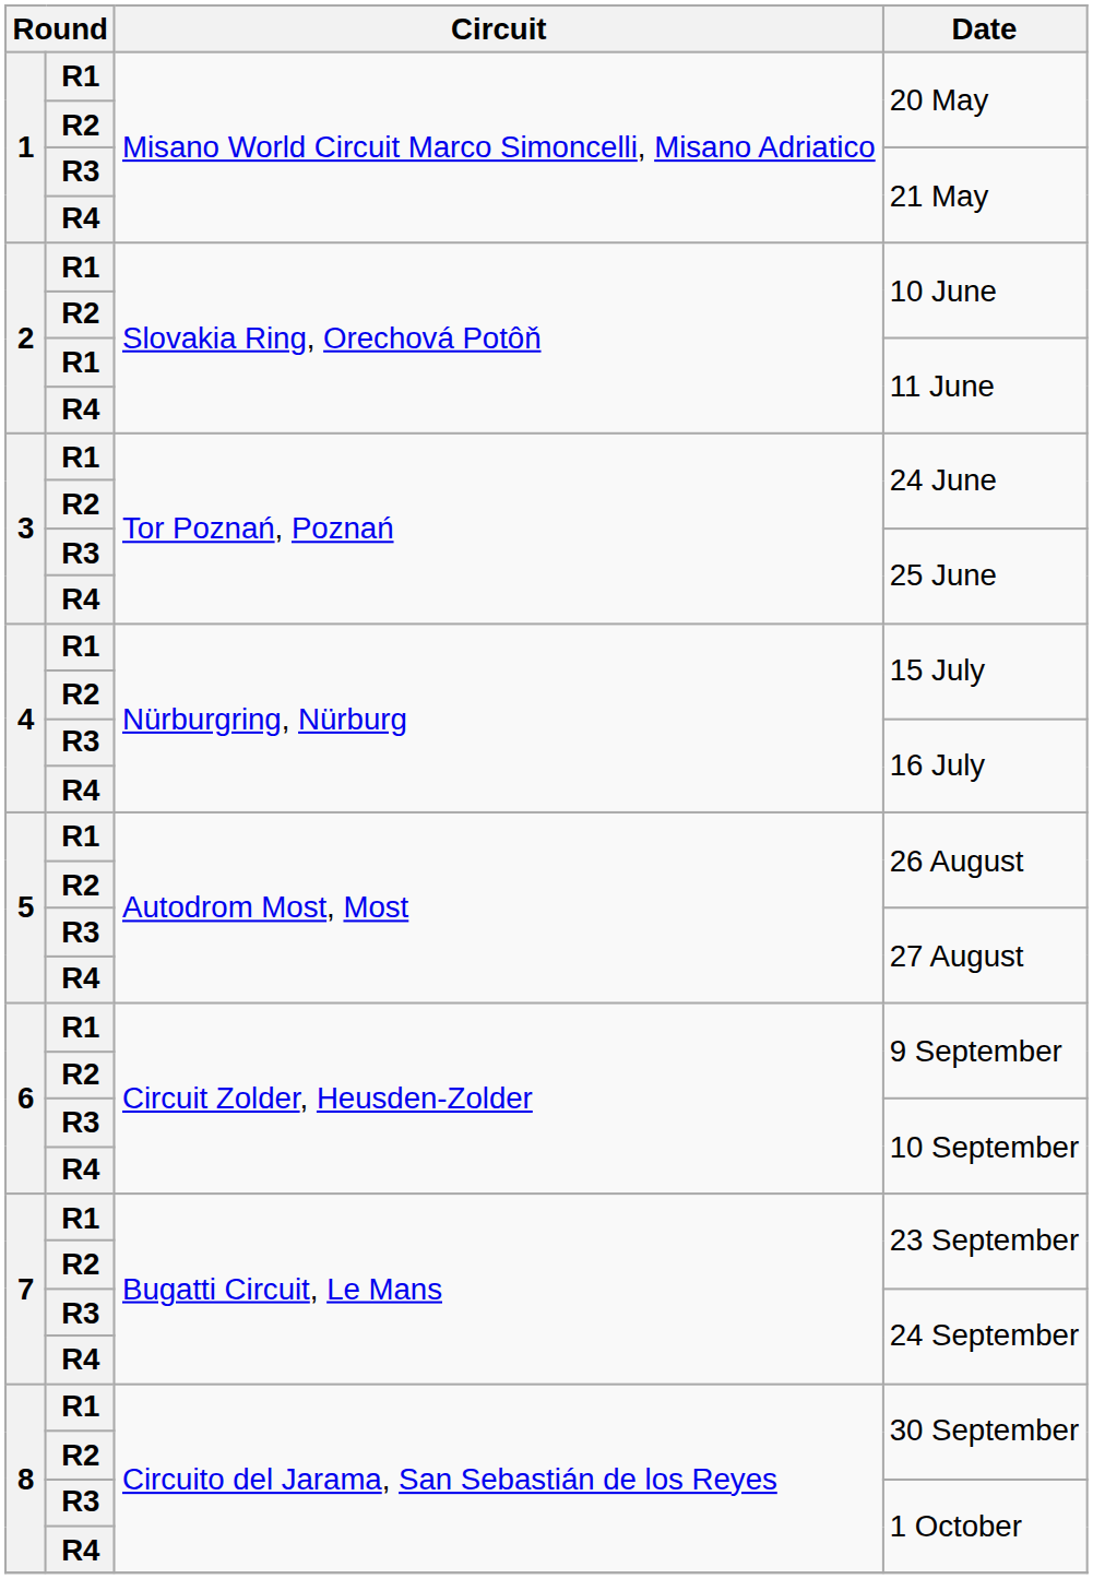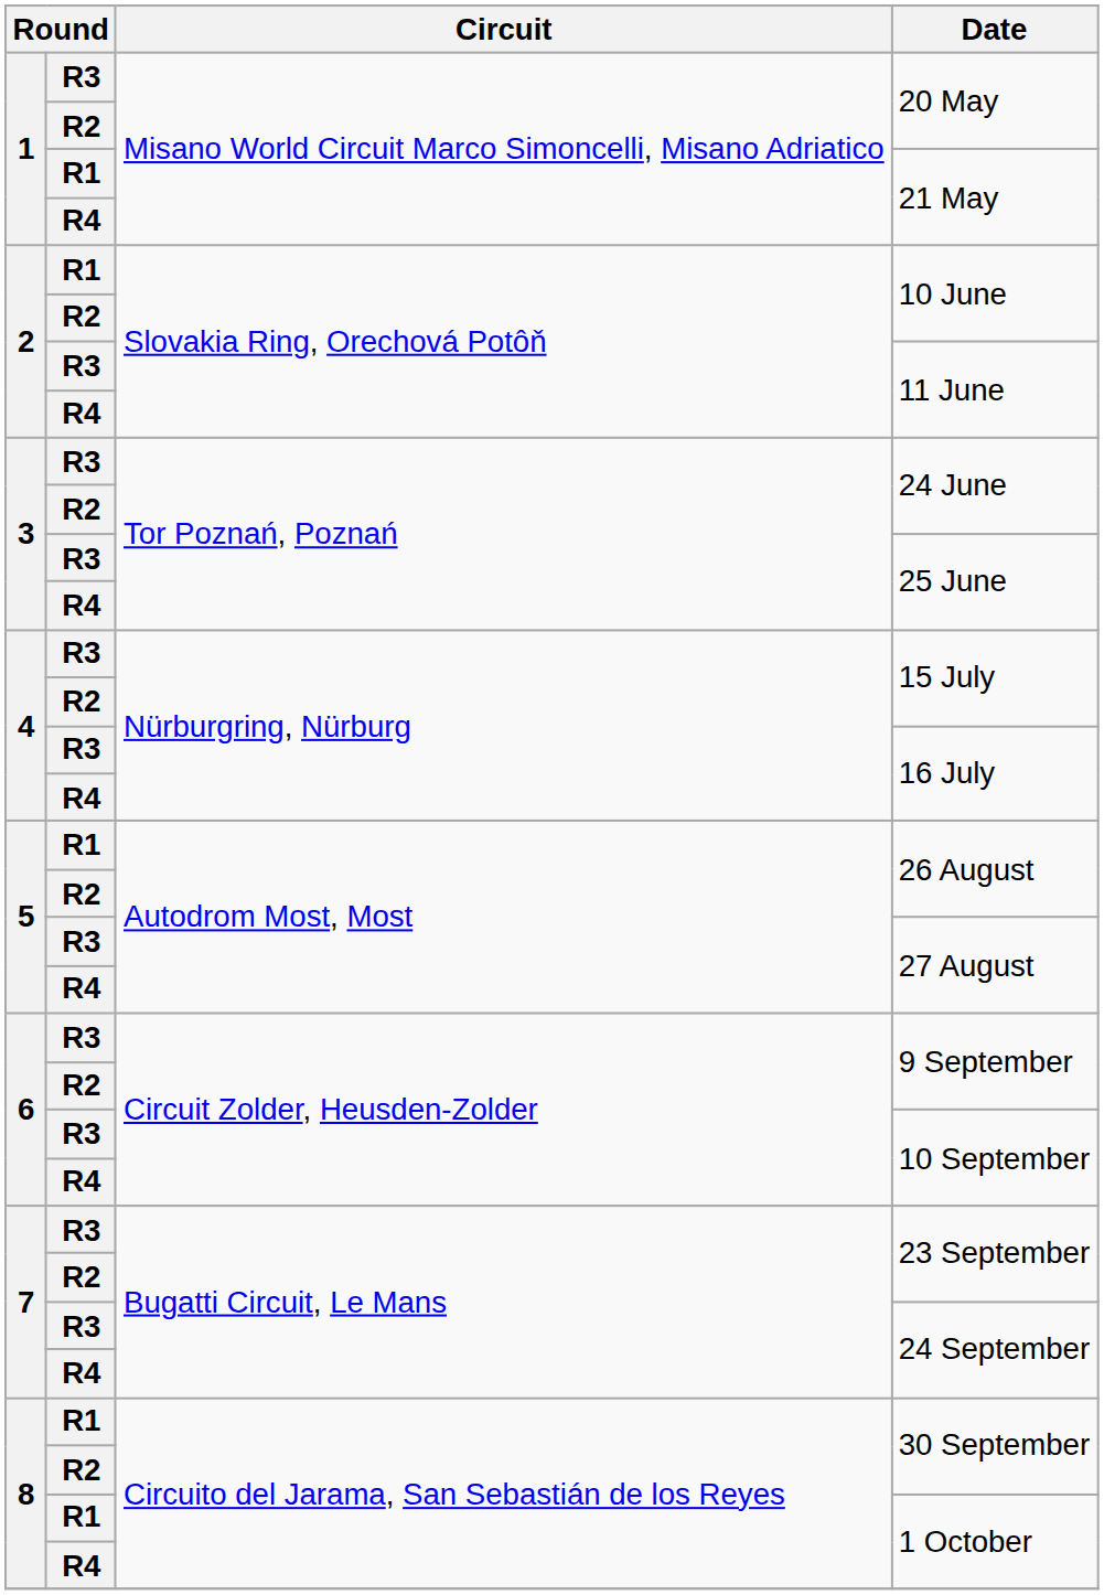 <table class="wikitable" style="font-size: 85%">
 <tr>
 <th colspan=2>Round</th>
 <th>Circuit</th>
 <th>Date</th>
 </tr>
 <tr>
 <th rowspan=4>1</th>
-<th>R1</th>
+<th>R3</th>
 <td rowspan=4> <a href='#'>Misano World Circuit Marco Simoncelli</a>, <a href='#'>Misano Adriatico</a></td>
 <td rowspan=2>20 May</td>
 </tr>
 <tr>
 <th>R2</th>
 </tr>
 <tr>
-<th>R3</th>
+<th>R1</th>
 <td rowspan=2>21 May</td>
 </tr>
 <tr>
 <th>R4</th>
 </tr>
 <tr>
 <th rowspan=4>2</th>
 <th>R1</th>
 <td rowspan=4> <a href='#'>Slovakia Ring</a>, <a href='#'>Orechová Potôň</a></td>
 <td rowspan=2>10 June</td>
 </tr>
 <tr>
 <th>R2</th>
 </tr>
 <tr>
-<th>R1</th>
+<th>R3</th>
 <td rowspan=2>11 June</td>
 </tr>
 <tr>
 <th>R4</th>
 </tr>
 <tr>
 <th rowspan=4>3</th>
-<th>R1</th>
+<th>R3</th>
 <td rowspan=4> <a href='#'>Tor Poznań</a>, <a href='#'>Poznań</a></td>
 <td rowspan=2>24 June</td>
 </tr>
 <tr>
 <th>R2</th>
 </tr>
 <tr>
 <th>R3</th>
 <td rowspan=2>25 June</td>
 </tr>
 <tr>
 <th>R4</th>
 </tr>
 <tr>
 <th rowspan=4>4</th>
-<th>R1</th>
+<th>R3</th>
 <td rowspan=4> <a href='#'>Nürburgring</a>, <a href='#'>Nürburg</a></td>
 <td rowspan=2>15 July</td>
 </tr>
 <tr>
 <th>R2</th>
 </tr>
 <tr>
 <th>R3</th>
 <td rowspan=2>16 July</td>
 </tr>
 <tr>
 <th>R4</th>
 </tr>
 <tr>
 <th rowspan=4>5</th>
 <th>R1</th>
 <td rowspan=4> <a href='#'>Autodrom Most</a>, <a href='#'>Most</a></td>
 <td rowspan=2>26 August</td>
 </tr>
 <tr>
 <th>R2</th>
 </tr>
 <tr>
 <th>R3</th>
 <td rowspan=2>27 August</td>
 </tr>
 <tr>
 <th>R4</th>
 </tr>
 <tr>
 <th rowspan=4>6</th>
-<th>R1</th>
+<th>R3</th>
 <td rowspan=4> <a href='#'>Circuit Zolder</a>, <a href='#'>Heusden-Zolder</a></td>
 <td rowspan=2>9 September</td>
 </tr>
 <tr>
 <th>R2</th>
 </tr>
 <tr>
 <th>R3</th>
 <td rowspan=2>10 September</td>
 </tr>
 <tr>
 <th>R4</th>
 </tr>
 <tr>
 <th rowspan=4>7</th>
-<th>R1</th>
+<th>R3</th>
 <td rowspan=4> <a href='#'>Bugatti Circuit</a>, <a href='#'>Le Mans</a></td>
 <td rowspan=2>23 September</td>
 </tr>
 <tr>
 <th>R2</th>
 </tr>
 <tr>
 <th>R3</th>
 <td rowspan=2>24 September</td>
 </tr>
 <tr>
 <th>R4</th>
 </tr>
 <tr>
 <th rowspan=4>8</th>
 <th>R1</th>
 <td rowspan=4> <a href='#'>Circuito del Jarama</a>, <a href='#'>San Sebastián de los Reyes</a></td>
 <td rowspan=2>30 September</td>
 </tr>
 <tr>
 <th>R2</th>
 </tr>
 <tr>
-<th>R3</th>
+<th>R1</th>
 <td rowspan=2>1 October</td>
 </tr>
 <tr>
 <th>R4</th>
 </tr>
 <tr>
 </tr>
 </table>
